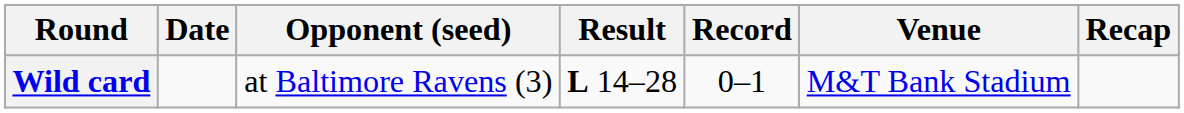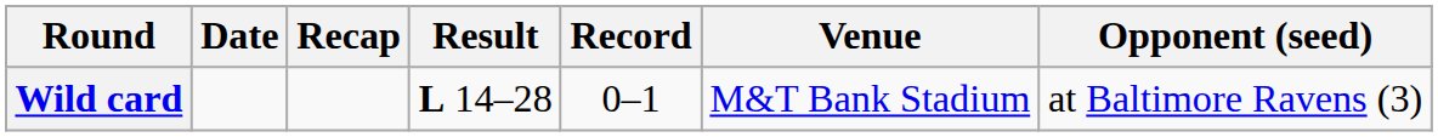 <table class="wikitable" style="text-align:center">
 <tr>
 <th>Round</th>
 <th>Date</th>
-<th>Opponent (seed)</th>
+<th>Recap</th>
 <th>Result</th>
 <th>Record</th>
 <th>Venue</th>
-<th>Recap</th>
+<th>Opponent (seed)</th>
 </tr>
 <tr>
 <th><a href='#'>Wild card</a></th>
 <td></td>
-<td>at <a href='#'>Baltimore Ravens</a> (3)</td>
+<td></td>
 <td><strong>L</strong> 14–28</td>
 <td>0–1</td>
 <td><a href='#'>M&T Bank Stadium</a></td>
-<td></td>
+<td>at <a href='#'>Baltimore Ravens</a> (3)</td>
 </tr>
 </table>
